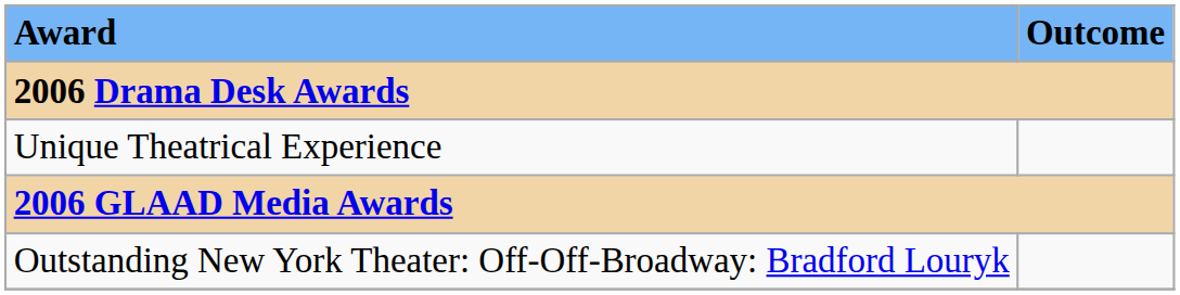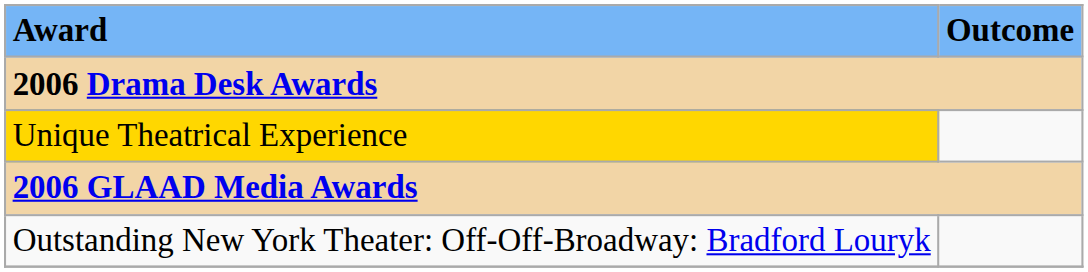 <table class="wikitable">
 <tr>
 <td bgcolor="#75B5F6"><strong>Award</strong></td>
 <td bgcolor="#75B5F6"><strong>Outcome</strong></td>
 </tr>
 <tr>
 <td colspan="3" bgcolor="#F2D5A6"><strong>2006 <a href='#'>Drama Desk Awards</a></strong></td>
 </tr>
 <tr>
-<td>Unique Theatrical Experience</td>
+<td style="background: gold;">Unique Theatrical Experience</td>
 <td></td>
 </tr>
 <tr>
 <td colspan="3" bgcolor="#F2D5A6"><strong><a href='#'>2006 GLAAD Media Awards</a></strong></td>
 </tr>
 <tr>
 <td>Outstanding New York Theater: Off-Off-Broadway: <a href='#'>Bradford Louryk</a></td>
 <td></td>
 </tr>
 <tr>
 </tr>
 </table>
